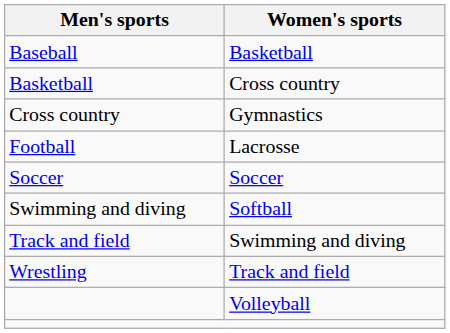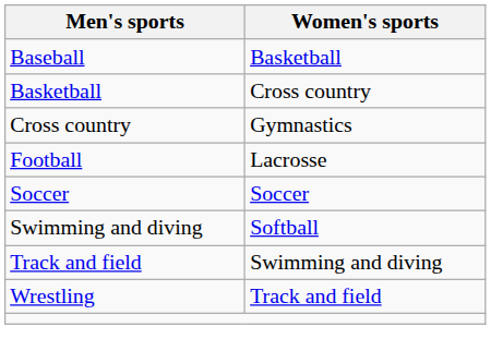 <table class="wikitable" style=" ">
 <tr>
 <th width=170px>Men's sports</th>
 <th width=170px>Women's sports</th>
 </tr>
 <tr>
 <td><a href='#'>Baseball</a></td>
 <td><a href='#'>Basketball</a></td>
 </tr>
 <tr>
 <td><a href='#'>Basketball</a></td>
 <td>Cross country</td>
 </tr>
 <tr>
 <td>Cross country</td>
 <td>Gymnastics</td>
 </tr>
 <tr>
 <td><a href='#'>Football</a></td>
 <td>Lacrosse</td>
 </tr>
 <tr>
 <td><a href='#'>Soccer</a></td>
 <td><a href='#'>Soccer</a></td>
 </tr>
 <tr>
 <td>Swimming and diving</td>
 <td><a href='#'>Softball</a></td>
 </tr>
 <tr>
 <td><a href='#'>Track and field</a></td>
 <td>Swimming and diving</td>
 </tr>
 <tr>
 <td><a href='#'>Wrestling</a></td>
 <td><a href='#'>Track and field</a></td>
 </tr>
 <tr>
-<td></td>
-<td><a href='#'>Volleyball</a></td>
-</tr>
-<tr>
 <td colspan="2"></td>
 </tr>
 </table>
